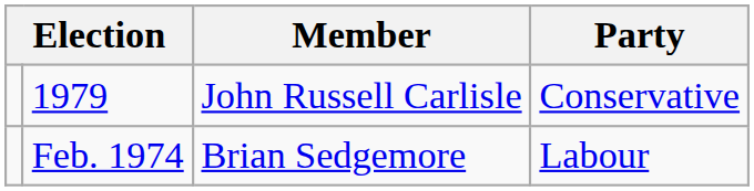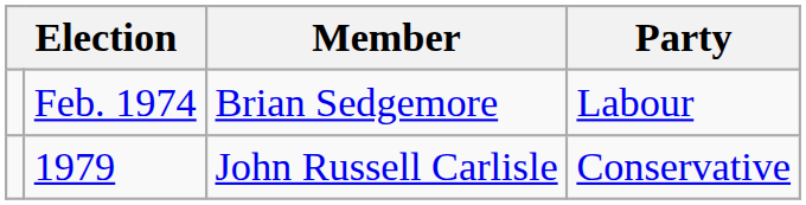 <table class="wikitable">
 <tr>
 <th colspan="2">Election</th>
 <th>Member</th>
 <th>Party</th>
 </tr>
 <tr>
 <td style="background-color: "></td>
+<td><a href='#'>Feb. 1974</a></td>
+<td><a href='#'>Brian Sedgemore</a></td>
+<td><a href='#'>Labour</a></td>
+</tr>
+<tr>
+<td style="background-color: "></td>
 <td><a href='#'>1979</a></td>
 <td><a href='#'>John Russell Carlisle</a></td>
 <td><a href='#'>Conservative</a></td>
 </tr>
-<tr>
-<td style="background-color: "></td>
-<td><a href='#'>Feb. 1974</a></td>
-<td><a href='#'>Brian Sedgemore</a></td>
-<td><a href='#'>Labour</a></td>
-</tr>
 </table>
